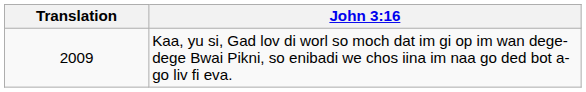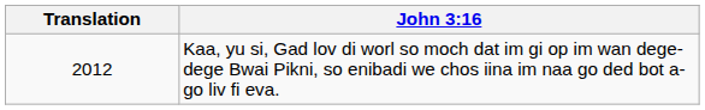 <table class="wikitable">
 <tr>
 <th style="text-align:center; width:25%;">Translation</th>
 <th><a href='#'>John 3:16</a></th>
 </tr>
 <tr>
-<td style="text-align:center;">2009</td>
+<td style="text-align:center;">2012</td>
 <td>Kaa, yu si, Gad lov di worl so moch dat im gi op im wan dege-dege Bwai Pikni, so enibadi we chos iina im naa go ded bot a-go liv fi eva.</td>
 </tr>
 </table>
